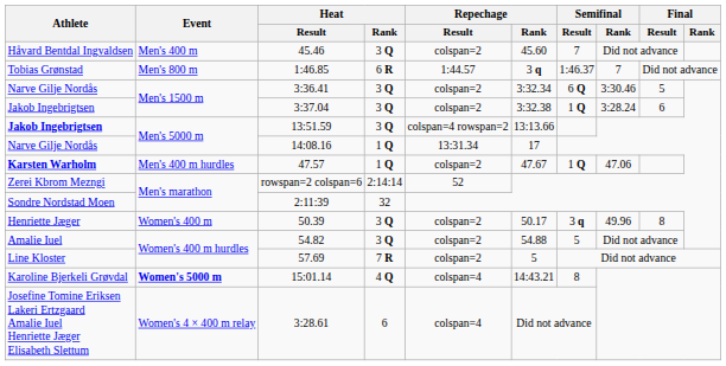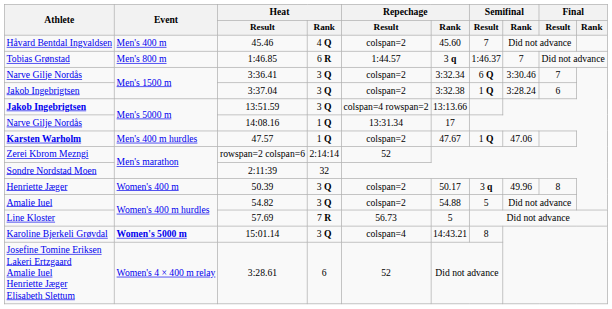 <table class="wikitable" style="font-size:90%">
 <tr>
 <th rowspan="2">Athlete</th>
 <th rowspan="2">Event</th>
 <th colspan="2">Heat</th>
 <th colspan="2">Repechage</th>
 <th colspan="2">Semifinal</th>
 <th colspan="2">Final</th>
 </tr>
 <tr style="font-size:95%">
 <th>Result</th>
 <th>Rank</th>
 <th>Result</th>
 <th>Rank</th>
 <th>Result</th>
 <th>Rank</th>
 <th>Result</th>
 <th>Rank</th>
 </tr>
 <tr align=center>
 <td align=left><a href='#'>Håvard Bentdal Ingvaldsen</a></td>
 <td align=left><a href='#'>Men's 400 m</a></td>
 <td>45.46</td>
-<td>3 <strong>Q</strong></td>
+<td>4 <strong>Q</strong></td>
 <td>colspan=2 </td>
 <td>45.60</td>
 <td>7</td>
 <td colspan=2>Did not advance</td>
 </tr>
 <tr align=center>
 <td align=left><a href='#'>Tobias Grønstad</a></td>
 <td align=left><a href='#'>Men's 800 m</a></td>
 <td>1:46.85</td>
 <td>6 <strong>R</strong></td>
 <td>1:44.57</td>
 <td>3 <strong>q</strong></td>
 <td>1:46.37</td>
 <td>7</td>
 <td colspan=2>Did not advance</td>
 </tr>
 <tr align=center>
 <td align=left><a href='#'>Narve Gilje Nordås</a></td>
 <td align=left rowspan=2><a href='#'>Men's 1500 m</a></td>
 <td>3:36.41</td>
 <td>3 <strong>Q</strong></td>
 <td>colspan=2 </td>
 <td>3:32.34</td>
 <td>6 <strong>Q</strong></td>
 <td>3:30.46 <strong></strong></td>
-<td>5</td>
+<td>7</td>
 </tr>
 <tr align=center>
 <td align=left><a href='#'>Jakob Ingebrigtsen</a></td>
 <td>3:37.04</td>
 <td>3 <strong>Q</strong></td>
 <td>colspan=2 </td>
 <td>3:32.38</td>
 <td>1 <strong>Q</strong></td>
 <td>3:28.24</td>
 <td>6</td>
 </tr>
 <tr align=center>
 <td align=left><strong><a href='#'>Jakob Ingebrigtsen</a></strong></td>
 <td align=left rowspan=2><a href='#'>Men's 5000 m</a></td>
 <td>13:51.59</td>
 <td>3 <strong>Q</strong></td>
 <td>colspan=4 rowspan=2 </td>
 <td>13:13.66 <strong></strong></td>
 <td></td>
 </tr>
 <tr align=center>
 <td align=left><a href='#'>Narve Gilje Nordås</a></td>
 <td>14:08.16</td>
 <td>1 <strong>Q</strong></td>
 <td>13:31.34</td>
 <td>17</td>
 </tr>
 <tr align=center>
 <td align=left><strong><a href='#'>Karsten Warholm</a></strong></td>
 <td align=left><a href='#'>Men's 400 m hurdles</a></td>
 <td>47.57</td>
 <td>1 <strong>Q</strong></td>
 <td>colspan=2 </td>
 <td>47.67</td>
 <td>1 <strong>Q</strong></td>
 <td>47.06</td>
 <td></td>
 </tr>
 <tr align=center>
 <td align=left><a href='#'>Zerei Kbrom Mezngi</a></td>
 <td align=left rowspan=2><a href='#'>Men's marathon</a></td>
 <td>rowspan=2 colspan=6 </td>
 <td>2:14:14</td>
 <td>52</td>
 </tr>
 <tr align=center>
 <td align=left><a href='#'>Sondre Nordstad Moen</a></td>
 <td>2:11:39 <strong></strong></td>
 <td>32</td>
 </tr>
 <tr align=center>
 <td align=left><a href='#'>Henriette Jæger</a></td>
 <td align=left><a href='#'>Women's 400 m</a></td>
 <td>50.39</td>
 <td>3 <strong>Q</strong></td>
 <td>colspan=2 </td>
 <td>50.17</td>
 <td>3 <strong>q</strong></td>
 <td>49.96</td>
 <td>8</td>
 </tr>
 <tr align=center>
 <td align=left><a href='#'>Amalie Iuel</a></td>
 <td align=left rowspan=2><a href='#'>Women's 400 m hurdles</a></td>
 <td>54.82</td>
 <td>3 <strong>Q</strong></td>
 <td>colspan=2 </td>
 <td>54.88</td>
 <td>5</td>
 <td colspan=2>Did not advance</td>
 </tr>
 <tr align=center>
 <td align=left><a href='#'>Line Kloster</a></td>
 <td>57.69</td>
 <td>7 <strong>R</strong></td>
-<td>colspan=2 </td>
+<td>56.73</td>
 <td>5</td>
 <td colspan=4>Did not advance</td>
 </tr>
 <tr align=center>
 <td align=left><a href='#'>Karoline Bjerkeli Grøvdal</a></td>
 <td align=left><strong><a href='#'>Women's 5000 m</a></strong></td>
 <td>15:01.14</td>
-<td>4 <strong>Q</strong></td>
+<td>3 <strong>Q</strong></td>
 <td>colspan=4 </td>
 <td>14:43.21</td>
 <td>8</td>
 </tr>
 <tr align=center>
 <td align=left><a href='#'>Josefine Tomine Eriksen</a><br><a href='#'>Lakeri Ertzgaard</a><br><a href='#'>Amalie Iuel</a><br><a href='#'>Henriette Jæger</a><br><a href='#'>Elisabeth Slettum</a></td>
 <td align=left><a href='#'>Women's 4 × 400 m relay</a></td>
 <td>3:28.61</td>
 <td>6</td>
-<td>colspan=4 </td>
+<td>52</td>
 <td colspan=2>Did not advance</td>
 </tr>
 </table>
